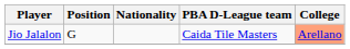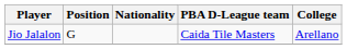 <table class="wikitable sortable sortable">
 <tr>
 <th>Player</th>
 <th>Position</th>
 <th>Nationality</th>
 <th>PBA D-League team</th>
 <th>College</th>
 </tr>
 <tr>
 <td><a href='#'>Jio Jalalon</a></td>
 <td>G</td>
 <td></td>
 <td><a href='#'>Caida Tile Masters</a></td>
-<td style="background: lightsalmon;"><a href='#'>Arellano</a></td>
+<td><a href='#'>Arellano</a></td>
 </tr>
 <tr>
 </tr>
 </table>
